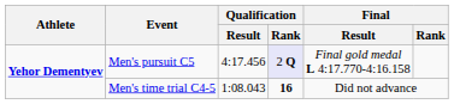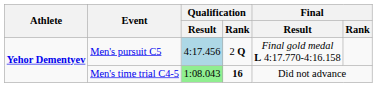 <table class="wikitable">
 <tr>
 <th rowspan="2">Athlete</th>
 <th rowspan="2">Event</th>
 <th colspan="2">Qualification</th>
 <th colspan="2">Final</th>
 </tr>
 <tr>
 <th>Result</th>
 <th>Rank</th>
 <th>Result</th>
 <th>Rank</th>
 </tr>
 <tr align="center">
 <td rowspan="2" align="left"><strong><a href='#'>Yehor Dementyev</a></strong></td>
 <td align="left"><a href='#'>Men's pursuit C5</a></td>
-<td>4:17.456</td>
-<td style="background: lavender;">2 <strong>Q</strong></td>
+<td style="background: lightblue;">4:17.456</td>
+<td>2 <strong>Q</strong></td>
 <td><em>Final gold medal</em><br> <strong>L</strong> 4:17.770-4:16.158</td>
 <td></td>
 </tr>
 <tr align=center>
 <td align=left><a href='#'>Men's time trial C4-5</a></td>
-<td>1:08.043</td>
+<td style="background: lightgreen;">1:08.043</td>
 <td><strong>16</strong></td>
 <td colspan="2">Did not advance</td>
 </tr>
 </table>
